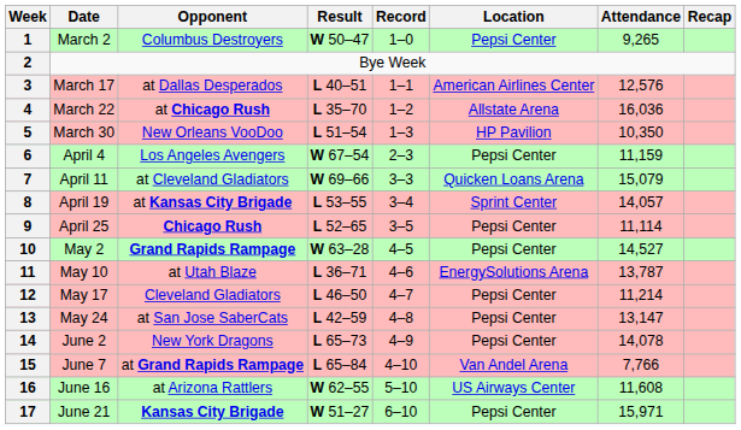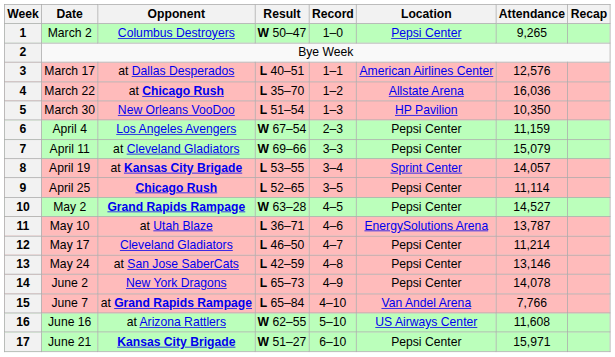 <table class="wikitable" style="text-align:center">
 <tr>
 <th>Week</th>
 <th>Date</th>
 <th>Opponent</th>
 <th>Result</th>
 <th>Record</th>
 <th>Location</th>
 <th>Attendance</th>
 <th>Recap</th>
 </tr>
 <tr bgcolor="#bbffbb">
 <th>1</th>
 <td>March 2</td>
 <td><a href='#'>Columbus Destroyers</a></td>
 <td><strong>W</strong> 50–47</td>
 <td>1–0</td>
 <td><a href='#'>Pepsi Center</a></td>
 <td>9,265</td>
 <td></td>
 </tr>
 <tr>
 <th>2</th>
 <td colspan=7>Bye Week</td>
 </tr>
 <tr bgcolor="#ffbbbb">
 <th>3</th>
 <td>March 17</td>
 <td>at <a href='#'>Dallas Desperados</a></td>
 <td><strong>L</strong> 40–51</td>
 <td>1–1</td>
 <td><a href='#'>American Airlines Center</a></td>
 <td>12,576</td>
 <td></td>
 </tr>
 <tr bgcolor="#ffbbbb">
 <th>4</th>
 <td>March 22</td>
 <td>at <strong><a href='#'>Chicago Rush</a></strong></td>
 <td><strong>L</strong> 35–70</td>
 <td>1–2</td>
 <td><a href='#'>Allstate Arena</a></td>
 <td>16,036</td>
 <td></td>
 </tr>
 <tr bgcolor="#ffbbbb">
 <th>5</th>
 <td>March 30</td>
 <td><a href='#'>New Orleans VooDoo</a></td>
 <td><strong>L</strong> 51–54</td>
 <td>1–3</td>
 <td><a href='#'>HP Pavilion</a></td>
 <td>10,350</td>
 <td></td>
 </tr>
 <tr bgcolor="#bbffbb">
 <th>6</th>
 <td>April 4</td>
 <td><a href='#'>Los Angeles Avengers</a></td>
 <td><strong>W</strong> 67–54</td>
 <td>2–3</td>
 <td>Pepsi Center</td>
 <td>11,159</td>
 <td></td>
 </tr>
 <tr bgcolor="#bbffbb">
 <th>7</th>
 <td>April 11</td>
 <td>at <a href='#'>Cleveland Gladiators</a></td>
 <td><strong>W</strong> 69–66</td>
 <td>3–3</td>
-<td><a href='#'>Quicken Loans Arena</a></td>
+<td>Pepsi Center</td>
 <td>15,079</td>
 <td></td>
 </tr>
 <tr bgcolor="#ffbbbb">
 <th>8</th>
 <td>April 19</td>
 <td>at <strong><a href='#'>Kansas City Brigade</a></strong></td>
 <td><strong>L</strong> 53–55</td>
 <td>3–4</td>
 <td><a href='#'>Sprint Center</a></td>
 <td>14,057</td>
 <td></td>
 </tr>
 <tr bgcolor="#ffbbbb">
 <th>9</th>
 <td>April 25</td>
 <td><strong><a href='#'>Chicago Rush</a></strong></td>
 <td><strong>L</strong> 52–65</td>
 <td>3–5</td>
 <td>Pepsi Center</td>
 <td>11,114</td>
 <td></td>
 </tr>
 <tr bgcolor="#bbffbb">
 <th>10</th>
 <td>May 2</td>
 <td><strong><a href='#'>Grand Rapids Rampage</a></strong></td>
 <td><strong>W</strong> 63–28</td>
 <td>4–5</td>
 <td>Pepsi Center</td>
 <td>14,527</td>
 <td></td>
 </tr>
 <tr bgcolor="#ffbbbb">
 <th>11</th>
 <td>May 10</td>
 <td>at <a href='#'>Utah Blaze</a></td>
 <td><strong>L</strong> 36–71</td>
 <td>4–6</td>
 <td><a href='#'>EnergySolutions Arena</a></td>
 <td>13,787</td>
 <td></td>
 </tr>
 <tr bgcolor="#ffbbbb">
 <th>12</th>
 <td>May 17</td>
 <td><a href='#'>Cleveland Gladiators</a></td>
 <td><strong>L</strong> 46–50</td>
 <td>4–7</td>
 <td>Pepsi Center</td>
 <td>11,214</td>
 <td></td>
 </tr>
 <tr bgcolor="#ffbbbb">
 <th>13</th>
 <td>May 24</td>
 <td>at <a href='#'>San Jose SaberCats</a></td>
 <td><strong>L</strong> 42–59</td>
 <td>4–8</td>
 <td>Pepsi Center</td>
-<td>13,147</td>
+<td>13,146</td>
 <td></td>
 </tr>
 <tr bgcolor="#ffbbbb">
 <th>14</th>
 <td>June 2</td>
 <td><a href='#'>New York Dragons</a></td>
 <td><strong>L</strong> 65–73</td>
 <td>4–9</td>
 <td>Pepsi Center</td>
 <td>14,078</td>
 <td></td>
 </tr>
 <tr bgcolor="#ffbbbb">
 <th>15</th>
 <td>June 7</td>
 <td>at <strong><a href='#'>Grand Rapids Rampage</a></strong></td>
 <td><strong>L</strong> 65–84</td>
 <td>4–10</td>
 <td><a href='#'>Van Andel Arena</a></td>
 <td>7,766</td>
 <td></td>
 </tr>
 <tr bgcolor="#bbffbb">
 <th>16</th>
 <td>June 16</td>
 <td>at <a href='#'>Arizona Rattlers</a></td>
 <td><strong>W</strong> 62–55</td>
 <td>5–10</td>
 <td><a href='#'>US Airways Center</a></td>
 <td>11,608</td>
 <td></td>
 </tr>
 <tr bgcolor="#bbffbb">
 <th>17</th>
 <td>June 21</td>
 <td><strong><a href='#'>Kansas City Brigade</a></strong></td>
 <td><strong>W</strong> 51–27</td>
 <td>6–10</td>
 <td>Pepsi Center</td>
 <td>15,971</td>
 <td></td>
 </tr>
 </table>
